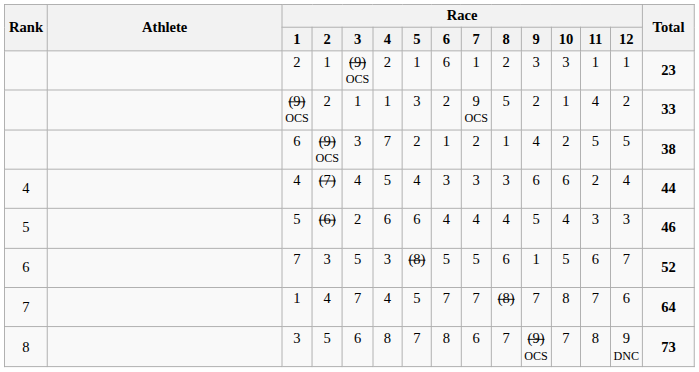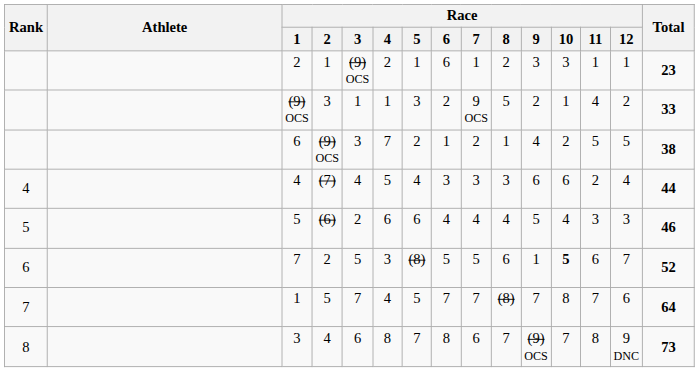 <table | class="wikitable" style="text-align:center">
 <tr>
 <th rowspan="2" width=40>Rank</th>
 <th rowspan="2" width=250>Athlete</th>
 <th colspan="12">Race</th>
 <th rowspan="2" width=50>Total</th>
 </tr>
 <tr>
 <th width=25>1</th>
 <th width=25>2</th>
 <th width=25>3</th>
 <th width=25>4</th>
 <th width=25>5</th>
 <th width=25>6</th>
 <th width=25>7</th>
 <th width=25>8</th>
 <th width=25>9</th>
 <th width=25>10</th>
 <th width=25>11</th>
 <th width=25>12</th>
 </tr>
 <tr>
 <td></td>
 <td align=left></td>
 <td>2<br> </td>
 <td>1<br> </td>
 <td><s>(9)</s><br><small>OCS</small></td>
 <td>2<br> </td>
 <td>1<br> </td>
 <td>6<br> </td>
 <td>1<br> </td>
 <td>2<br> </td>
 <td>3<br> </td>
 <td>3<br> </td>
 <td>1<br> </td>
 <td>1<br> </td>
 <td><strong>23</strong></td>
 </tr>
 <tr>
 <td></td>
 <td align=left></td>
 <td><s>(9)</s><br><small>OCS</small></td>
-<td>2<br> </td>
+<td>3<br> </td>
 <td>1<br> </td>
 <td>1<br> </td>
 <td>3<br> </td>
 <td>2<br> </td>
 <td>9<br><small>OCS</small></td>
 <td>5<br> </td>
 <td>2<br> </td>
 <td>1<br> </td>
 <td>4<br> </td>
 <td>2<br> </td>
 <td><strong>33</strong></td>
 </tr>
 <tr>
 <td></td>
 <td align=left></td>
 <td>6<br> </td>
 <td><s>(9)</s><br><small>OCS</small></td>
 <td>3<br> </td>
 <td>7<br> </td>
 <td>2<br> </td>
 <td>1<br> </td>
 <td>2<br> </td>
 <td>1<br> </td>
 <td>4<br> </td>
 <td>2<br> </td>
 <td>5<br> </td>
 <td>5<br> </td>
 <td><strong>38</strong></td>
 </tr>
 <tr>
 <td>4</td>
 <td align=left></td>
 <td>4<br> </td>
 <td><s>(7)</s><br> </td>
 <td>4<br> </td>
 <td>5<br> </td>
 <td>4<br> </td>
 <td>3<br> </td>
 <td>3<br> </td>
 <td>3<br> </td>
 <td>6<br> </td>
 <td>6<br> </td>
 <td>2<br> </td>
 <td>4<br> </td>
 <td><strong>44</strong></td>
 </tr>
 <tr>
 <td>5</td>
 <td align=left></td>
 <td>5<br> </td>
 <td><s>(6)</s><br> </td>
 <td>2<br> </td>
 <td>6<br> </td>
 <td>6<br> </td>
 <td>4<br> </td>
 <td>4<br> </td>
 <td>4<br> </td>
 <td>5<br> </td>
 <td>4<br> </td>
 <td>3<br> </td>
 <td>3<br> </td>
 <td><strong>46</strong></td>
 </tr>
 <tr>
 <td>6</td>
 <td align=left></td>
 <td>7<br> </td>
-<td>3<br> </td>
+<td>2<br> </td>
 <td>5<br> </td>
 <td>3<br> </td>
 <td><s>(8)</s><br> </td>
 <td>5<br> </td>
 <td>5<br> </td>
 <td>6<br> </td>
 <td>1<br> </td>
-<td>5<br> </td>
+<td><strong>5<br> </strong></td>
 <td>6<br> </td>
 <td>7<br> </td>
 <td><strong>52</strong></td>
 </tr>
 <tr>
 <td>7</td>
 <td align=left></td>
 <td>1<br> </td>
-<td>4<br> </td>
+<td>5<br> </td>
 <td>7<br> </td>
 <td>4<br> </td>
 <td>5<br> </td>
 <td>7<br> </td>
 <td>7<br> </td>
 <td><s>(8)</s><br> </td>
 <td>7<br> </td>
 <td>8<br> </td>
 <td>7<br> </td>
 <td>6<br> </td>
 <td><strong>64</strong></td>
 </tr>
 <tr>
 <td>8</td>
 <td align=left></td>
 <td>3<br> </td>
-<td>5<br> </td>
+<td>4<br> </td>
 <td>6<br> </td>
 <td>8<br> </td>
 <td>7<br> </td>
 <td>8<br> </td>
 <td>6<br> </td>
 <td>7<br> </td>
 <td><s>(9)</s><br><small>OCS</small></td>
 <td>7<br> </td>
 <td>8<br> </td>
 <td>9<br><small>DNC</small></td>
 <td><strong>73</strong></td>
 </tr>
 </table>
